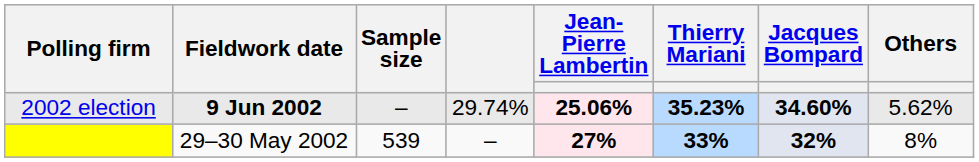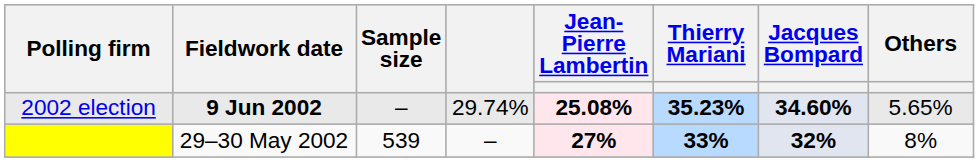 <table class="wikitable sortable" style="text-align:center;font-size:90%;line-height:14px;">
 <tr style="height:40px;">
 <th style="width:100px;" rowspan="2">Polling firm</th>
 <th style="width:110px;" rowspan="2">Fieldwork date</th>
 <th style="width:35px;" rowspan="2">Sample<br>size</th>
 <th style="width:30px;" rowspan="2"></th>
 <th class="unsortable" style="width:60px;"><a href='#'>Jean-Pierre Lambertin</a><br></th>
 <th class="unsortable" style="width:60px;"><a href='#'>Thierry Mariani</a><br></th>
 <th class="unsortable" style="width:60px;"><a href='#'>Jacques Bompard</a><br></th>
 <th class="unsortable" style="width:60px;">Others</th>
 </tr>
 <tr>
 <th style="background:"></th>
 <th style="background:"></th>
 <th style="background:"></th>
 <th style="background:"></th>
 </tr>
 <tr style="background:#E9E9E9;">
 <td><a href='#'>2002 election</a></td>
 <td data-sort-value="2002-06-09"><strong>9 Jun 2002</strong></td>
 <td>–</td>
 <td>29.74%</td>
-<td style="background:#FFE6EC;"><strong>25.06%</strong></td>
+<td style="background:#FFE6EC;"><strong>25.08%</strong></td>
 <td style="background:#B9DAFF;"><strong>35.23%</strong></td>
 <td style="background:#E0E5F0;"><strong>34.60%</strong></td>
-<td>5.62%</td>
+<td>5.65%</td>
 </tr>
 <tr>
 <td style="background:yellow;"></td>
 <td data-sort-value="2002-05-30">29–30 May 2002</td>
 <td>539</td>
 <td>–</td>
 <td style="background:#FFE6EC;"><strong>27%</strong></td>
 <td style="background:#B9DAFF;"><strong>33%</strong></td>
 <td style="background:#E0E5F0;"><strong>32%</strong></td>
 <td>8%</td>
 </tr>
 </table>
